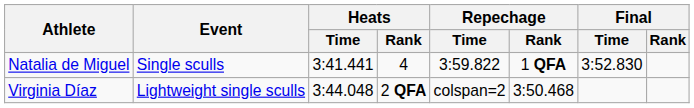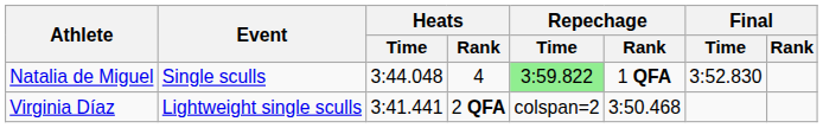 <table class=wikitable style="font-size:90%;">
 <tr>
 <th rowspan=2>Athlete</th>
 <th rowspan=2>Event</th>
 <th colspan=2>Heats</th>
 <th colspan=2>Repechage</th>
 <th colspan=2>Final</th>
 </tr>
 <tr style="font-size:95%">
 <th>Time</th>
 <th>Rank</th>
 <th>Time</th>
 <th>Rank</th>
 <th>Time</th>
 <th>Rank</th>
 </tr>
 <tr align=center>
 <td align=left><a href='#'>Natalia de Miguel</a></td>
 <td align=left><a href='#'>Single sculls</a></td>
-<td>3:41.441</td>
+<td>3:44.048</td>
 <td>4</td>
-<td>3:59.822</td>
+<td style="background: lightgreen;">3:59.822</td>
 <td>1 <strong>QFA</strong></td>
 <td>3:52.830</td>
 <td></td>
 </tr>
 <tr align=center>
 <td align=left><a href='#'>Virginia Díaz</a></td>
 <td align=left><a href='#'>Lightweight single sculls</a></td>
-<td>3:44.048</td>
+<td>3:41.441</td>
 <td>2 <strong>QFA</strong></td>
 <td>colspan=2 </td>
 <td>3:50.468</td>
 <td></td>
 </tr>
 </table>
